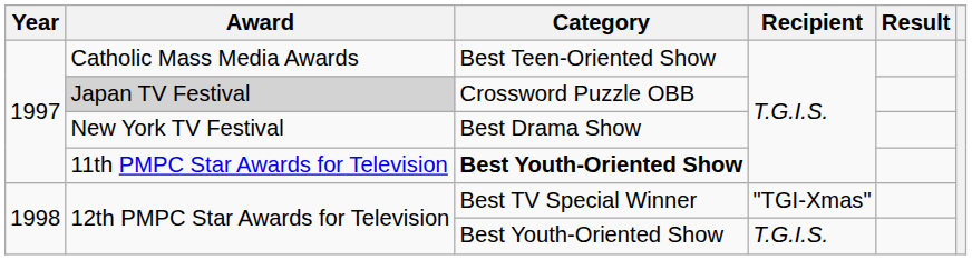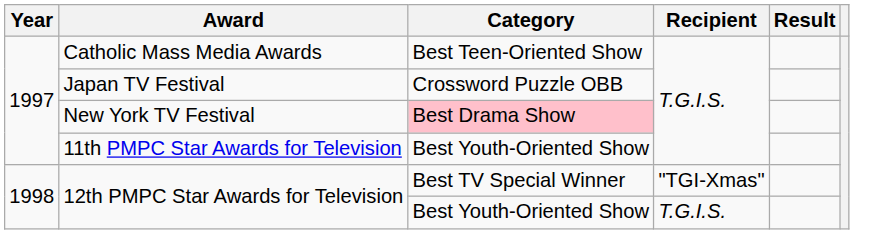 <table class="wikitable">
 <tr>
 <th>Year</th>
 <th>Award</th>
 <th>Category</th>
 <th>Recipient</th>
 <th>Result</th>
 <th></th>
 </tr>
 <tr>
 <td rowspan=4>1997</td>
 <td>Catholic Mass Media Awards</td>
 <td>Best Teen-Oriented Show</td>
 <td rowspan=4><em>T.G.I.S.</em></td>
 <td></td>
 <th rowspan=6></th>
 </tr>
 <tr>
-<td style="background: lightgrey;">Japan TV Festival</td>
+<td>Japan TV Festival</td>
 <td>Crossword Puzzle OBB</td>
 <td></td>
 </tr>
 <tr>
 <td>New York TV Festival</td>
-<td>Best Drama Show</td>
+<td style="background: pink;">Best Drama Show</td>
 <td></td>
 </tr>
 <tr>
 <td>11th <a href='#'>PMPC Star Awards for Television</a></td>
-<td><strong>Best Youth-Oriented Show</strong></td>
+<td>Best Youth-Oriented Show</td>
 <td></td>
 </tr>
 <tr>
 <td rowspan=2>1998</td>
 <td rowspan=2>12th PMPC Star Awards for Television</td>
 <td>Best TV Special Winner</td>
 <td>"TGI-Xmas"</td>
 <td></td>
 </tr>
 <tr>
 <td>Best Youth-Oriented Show</td>
 <td><em>T.G.I.S.</em></td>
 <td></td>
 </tr>
 </table>
